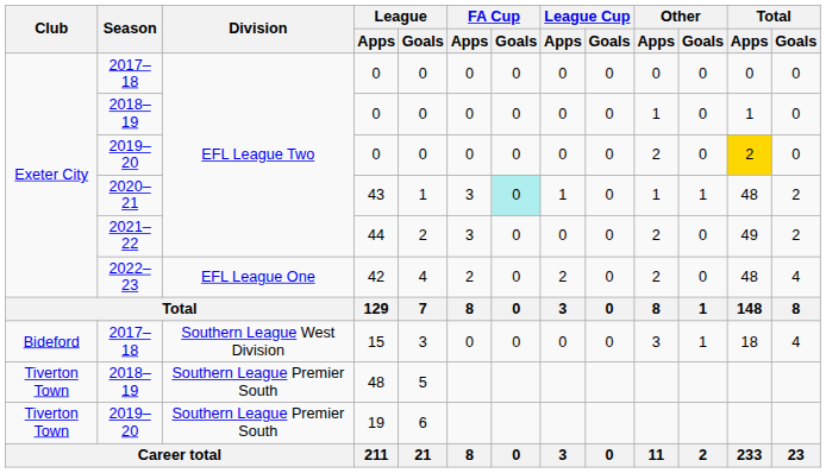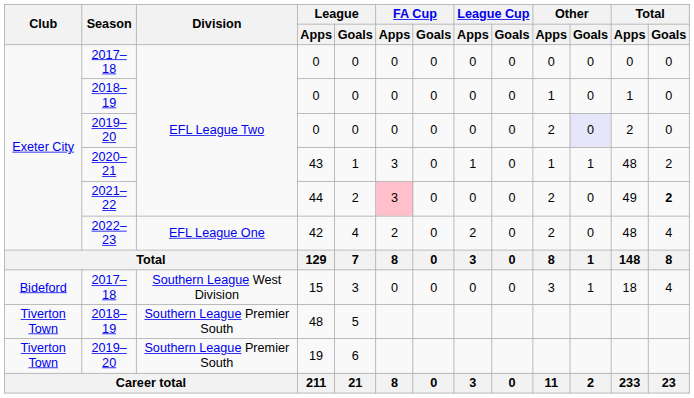 <table class="wikitable" style="text-align: center">
 <tr>
 <th rowspan="2">Club</th>
 <th rowspan="2">Season</th>
 <th rowspan="2">Division</th>
 <th colspan="2">League</th>
 <th colspan="2"><a href='#'>FA Cup</a></th>
 <th colspan="2"><a href='#'>League Cup</a></th>
 <th colspan="2">Other</th>
 <th colspan="2">Total</th>
 </tr>
 <tr>
 <th>Apps</th>
 <th>Goals</th>
 <th>Apps</th>
 <th>Goals</th>
 <th>Apps</th>
 <th>Goals</th>
 <th>Apps</th>
 <th>Goals</th>
 <th>Apps</th>
 <th>Goals</th>
 </tr>
 <tr>
 <td rowspan="6"><a href='#'>Exeter City</a></td>
 <td><a href='#'>2017–18</a></td>
 <td rowspan="5"><a href='#'>EFL League Two</a></td>
 <td>0</td>
 <td>0</td>
 <td>0</td>
 <td>0</td>
 <td>0</td>
 <td>0</td>
 <td>0</td>
 <td>0</td>
 <td>0</td>
 <td>0</td>
 </tr>
 <tr>
 <td><a href='#'>2018–19</a></td>
 <td>0</td>
 <td>0</td>
 <td>0</td>
 <td>0</td>
 <td>0</td>
 <td>0</td>
 <td>1</td>
 <td>0</td>
 <td>1</td>
 <td>0</td>
 </tr>
 <tr>
 <td><a href='#'>2019–20</a></td>
 <td>0</td>
 <td>0</td>
 <td>0</td>
 <td>0</td>
 <td>0</td>
 <td>0</td>
 <td>2</td>
-<td>0</td>
-<td style="background: gold;">2</td>
+<td style="background: lavender;">0</td>
+<td>2</td>
 <td>0</td>
 </tr>
 <tr>
 <td><a href='#'>2020–21</a></td>
 <td>43</td>
 <td>1</td>
 <td>3</td>
-<td style="background: paleturquoise;">0</td>
+<td>0</td>
 <td>1</td>
 <td>0</td>
 <td>1</td>
 <td>1</td>
 <td>48</td>
 <td>2</td>
 </tr>
 <tr>
 <td><a href='#'>2021–22</a></td>
 <td>44</td>
 <td>2</td>
-<td>3</td>
+<td style="background: pink;">3</td>
 <td>0</td>
 <td>0</td>
 <td>0</td>
 <td>2</td>
 <td>0</td>
 <td>49</td>
-<td>2</td>
+<td><strong>2</strong></td>
 </tr>
 <tr>
 <td><a href='#'>2022–23</a></td>
 <td><a href='#'>EFL League One</a></td>
 <td>42</td>
 <td>4</td>
 <td>2</td>
 <td>0</td>
 <td>2</td>
 <td>0</td>
 <td>2</td>
 <td>0</td>
 <td>48</td>
 <td>4</td>
 </tr>
 <tr>
 <th colspan="3">Total</th>
 <th>129</th>
 <th>7</th>
 <th>8</th>
 <th>0</th>
 <th>3</th>
 <th>0</th>
 <th>8</th>
 <th>1</th>
 <th>148</th>
 <th>8</th>
 </tr>
 <tr>
 <td><a href='#'>Bideford</a></td>
 <td><a href='#'>2017–18</a></td>
 <td><a href='#'>Southern League</a> West Division</td>
 <td>15</td>
 <td>3</td>
 <td>0</td>
 <td>0</td>
 <td>0</td>
 <td>0</td>
 <td>3</td>
 <td>1</td>
 <td>18</td>
 <td>4</td>
 </tr>
 <tr>
 <td><a href='#'>Tiverton Town</a></td>
 <td><a href='#'>2018–19</a></td>
 <td><a href='#'>Southern League</a> Premier South</td>
 <td>48</td>
 <td>5</td>
 <td></td>
 <td></td>
 <td></td>
 <td></td>
 <td></td>
 <td></td>
 <td></td>
 <td></td>
 </tr>
 <tr>
 <td><a href='#'>Tiverton Town</a></td>
 <td><a href='#'>2019–20</a></td>
 <td><a href='#'>Southern League</a> Premier South</td>
 <td>19</td>
 <td>6</td>
 <td></td>
 <td></td>
 <td></td>
 <td></td>
 <td></td>
 <td></td>
 <td></td>
 <td></td>
 </tr>
 <tr>
 <th colspan="3">Career total</th>
 <th>211</th>
 <th>21</th>
 <th>8</th>
 <th>0</th>
 <th>3</th>
 <th>0</th>
 <th>11</th>
 <th>2</th>
 <th>233</th>
 <th>23</th>
 </tr>
 </table>
